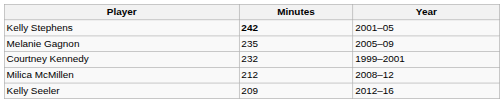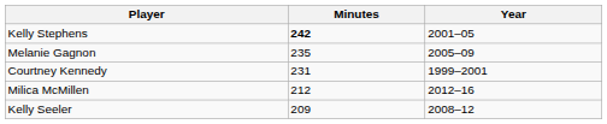 <table class="wikitable" style="width: 50em">
 <tr>
 <th>Player</th>
 <th>Minutes</th>
 <th>Year</th>
 </tr>
 <tr>
 <td>Kelly Stephens</td>
 <td><strong>242</strong></td>
 <td>2001–05</td>
 </tr>
 <tr>
 <td>Melanie Gagnon</td>
 <td>235</td>
 <td>2005–09</td>
 </tr>
 <tr>
 <td>Courtney Kennedy</td>
-<td>232</td>
+<td>231</td>
 <td>1999–2001</td>
 </tr>
 <tr>
 <td>Milica McMillen</td>
 <td>212</td>
-<td>2008–12</td>
+<td>2012–16</td>
 </tr>
 <tr>
 <td>Kelly Seeler</td>
 <td>209</td>
-<td>2012–16</td>
+<td>2008–12</td>
 </tr>
 </table>
